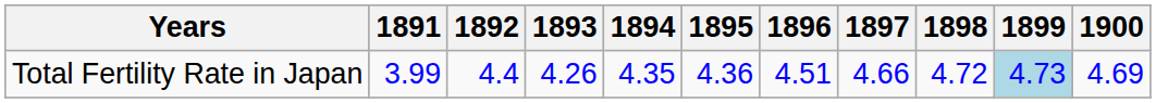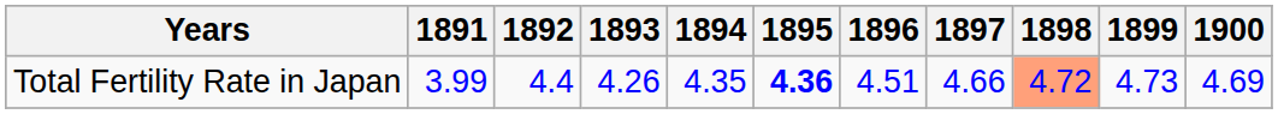 <table class="wikitable " style="text-align:right">
 <tr>
 <th>Years</th>
 <th>1891</th>
 <th>1892</th>
 <th>1893</th>
 <th>1894</th>
 <th>1895</th>
 <th>1896</th>
 <th>1897</th>
 <th>1898</th>
 <th>1899</th>
 <th>1900</th>
 </tr>
 <tr>
 <td align="left">Total Fertility Rate in Japan</td>
 <td style="text-align:right; color:blue;">3.99</td>
 <td style="text-align:right; color:blue;">4.4</td>
 <td style="text-align:right; color:blue;">4.26</td>
 <td style="text-align:right; color:blue;">4.35</td>
-<td style="text-align:right; color:blue;">4.36</td>
+<td style="text-align:right; color:blue;"><strong>4.36</strong></td>
 <td style="text-align:right; color:blue;">4.51</td>
 <td style="text-align:right; color:blue;">4.66</td>
-<td style="text-align:right; color:blue;">4.72</td>
-<td style="background: lightblue; text-align:right; color:blue;">4.73</td>
+<td style="background: lightsalmon; text-align:right; color:blue;">4.72</td>
+<td style="text-align:right; color:blue;">4.73</td>
 <td style="text-align:right; color:blue;">4.69</td>
 </tr>
 </table>
